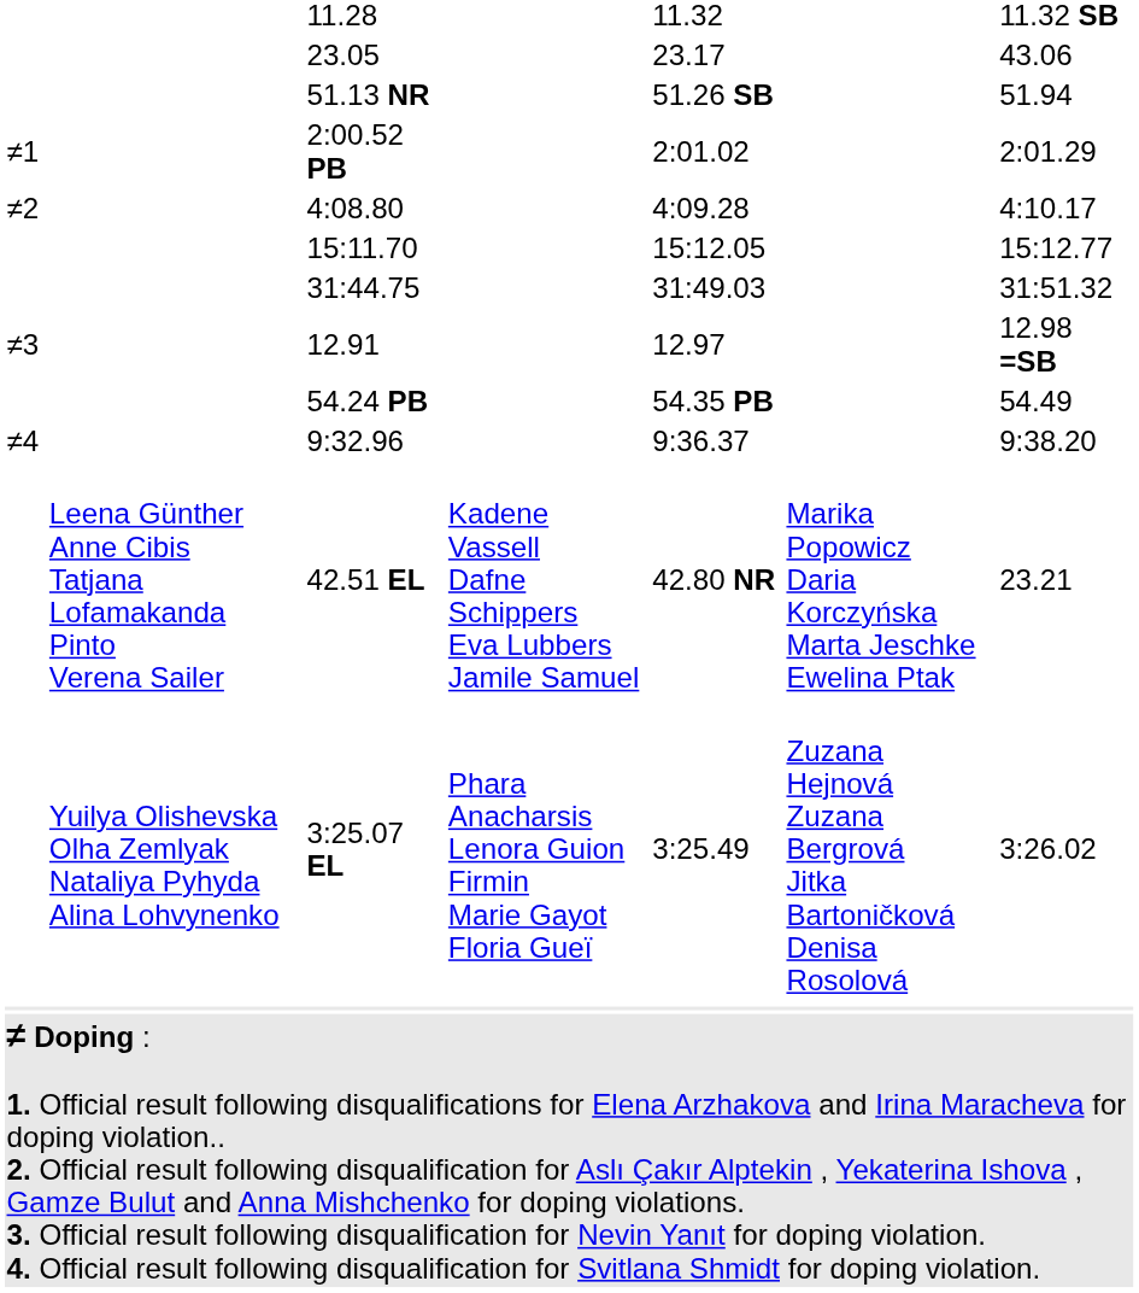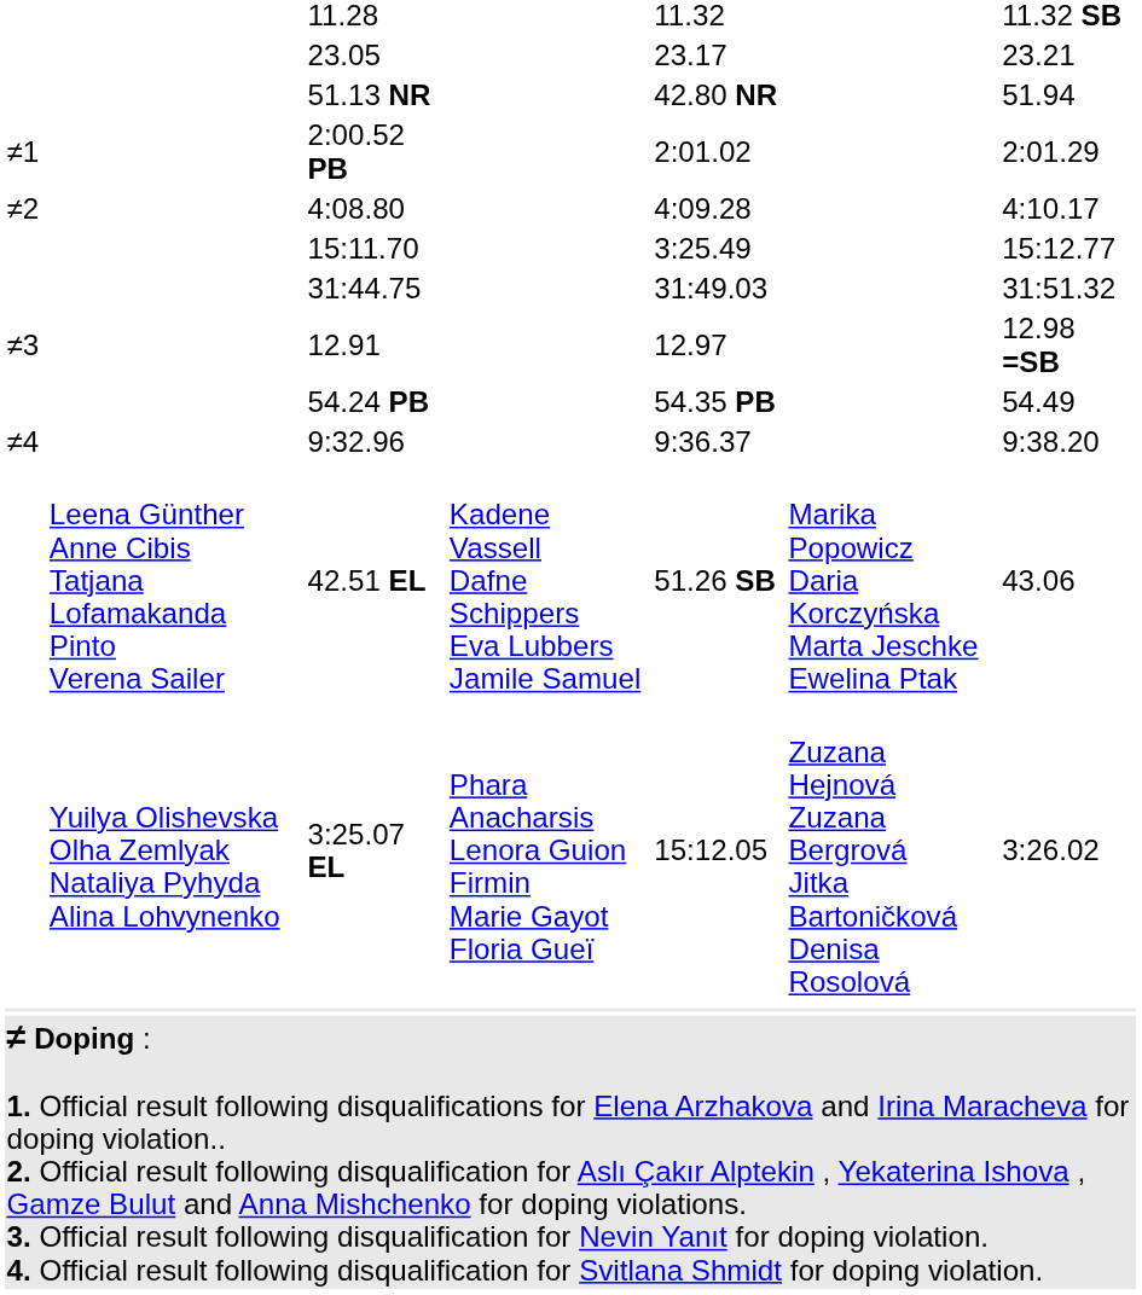 <table>
 <tr>
 <td></td>
 <td></td>
 <td>11.28</td>
 <td></td>
 <td>11.32</td>
 <td></td>
 <td>11.32 <strong>SB</strong></td>
 </tr>
 <tr>
 <td></td>
 <td></td>
 <td>23.05</td>
 <td></td>
 <td>23.17</td>
 <td></td>
-<td>43.06</td>
+<td>23.21</td>
 </tr>
 <tr>
 <td></td>
 <td></td>
 <td>51.13 <strong>NR</strong></td>
 <td></td>
-<td>51.26 <strong>SB</strong></td>
+<td>42.80 <strong>NR</strong></td>
 <td></td>
 <td>51.94</td>
 </tr>
 <tr>
 <td> ≠1</td>
 <td></td>
 <td>2:00.52 <strong>PB</strong></td>
 <td></td>
 <td>2:01.02</td>
 <td></td>
 <td>2:01.29</td>
 </tr>
 <tr>
 <td> ≠2</td>
 <td></td>
 <td>4:08.80</td>
 <td></td>
 <td>4:09.28</td>
 <td></td>
 <td>4:10.17</td>
 </tr>
 <tr>
 <td></td>
 <td></td>
 <td>15:11.70</td>
 <td></td>
-<td>15:12.05</td>
+<td>3:25.49</td>
 <td></td>
 <td>15:12.77</td>
 </tr>
 <tr>
 <td></td>
 <td></td>
 <td>31:44.75</td>
 <td></td>
 <td>31:49.03</td>
 <td></td>
 <td>31:51.32</td>
 </tr>
 <tr>
 <td> ≠3</td>
 <td></td>
 <td>12.91</td>
 <td></td>
 <td>12.97</td>
 <td></td>
 <td>12.98 <strong>=SB</strong></td>
 </tr>
 <tr>
 <td></td>
 <td></td>
 <td>54.24 <strong>PB</strong></td>
 <td></td>
 <td>54.35 <strong>PB</strong></td>
 <td></td>
 <td>54.49</td>
 </tr>
 <tr>
 <td> ≠4</td>
 <td></td>
 <td>9:32.96</td>
 <td></td>
 <td>9:36.37</td>
 <td></td>
 <td>9:38.20</td>
 </tr>
 <tr>
 <td></td>
 <td><br><a href='#'>Leena Günther</a><br><a href='#'>Anne Cibis</a><br><a href='#'>Tatjana Lofamakanda Pinto</a><br><a href='#'>Verena Sailer</a> <br></td>
 <td>42.51 <strong>EL</strong></td>
 <td><br><a href='#'>Kadene Vassell</a><br><a href='#'>Dafne Schippers</a><br><a href='#'>Eva Lubbers</a><br><a href='#'>Jamile Samuel</a> <br></td>
-<td>42.80 <strong>NR</strong></td>
+<td>51.26 <strong>SB</strong></td>
 <td><br><a href='#'>Marika Popowicz</a><br><a href='#'>Daria Korczyńska</a><br><a href='#'>Marta Jeschke</a><br><a href='#'>Ewelina Ptak</a> <br></td>
-<td>23.21</td>
+<td>43.06</td>
 </tr>
 <tr>
 <td></td>
 <td><br><a href='#'>Yuilya Olishevska</a> <br> <a href='#'>Olha Zemlyak</a> <br> <a href='#'>Nataliya Pyhyda</a> <br> <a href='#'>Alina Lohvynenko</a> <br></td>
 <td>3:25.07 <strong>EL</strong></td>
 <td><br><a href='#'>Phara Anacharsis</a> <br> <a href='#'>Lenora Guion Firmin</a> <br> <a href='#'>Marie Gayot</a> <br> <a href='#'>Floria Gueï</a> <br></td>
-<td>3:25.49</td>
+<td>15:12.05</td>
 <td><br><a href='#'>Zuzana Hejnová</a> <br> <a href='#'>Zuzana Bergrová</a> <br> <a href='#'>Jitka Bartoničková</a> <br> <a href='#'>Denisa Rosolová</a> <br></td>
 <td>3:26.02</td>
 </tr>
 <tr>
 </tr>
 <tr bgcolor= e8e8e8>
 <td colspan=7></td>
 </tr>
 <tr bgcolor= e8e8e8>
 <td colspan=7><strong><big>≠</big></strong> <strong>Doping</strong> : <br><br><strong>1.</strong> Official result following disqualifications for <a href='#'>Elena Arzhakova</a> and <a href='#'>Irina Maracheva</a>  for doping violation..<br> <strong>2.</strong> Official result following disqualification for <a href='#'>Aslı Çakır Alptekin</a> , <a href='#'>Yekaterina Ishova</a> , <a href='#'>Gamze Bulut</a>  and  <a href='#'>Anna Mishchenko</a>  for doping violations. <br> <strong>3.</strong> Official result following disqualification for <a href='#'>Nevin Yanıt</a>  for doping violation.<br> <strong>4.</strong> Official result following disqualification for <a href='#'>Svitlana Shmidt</a>  for doping violation.</td>
 </tr>
 </table>
